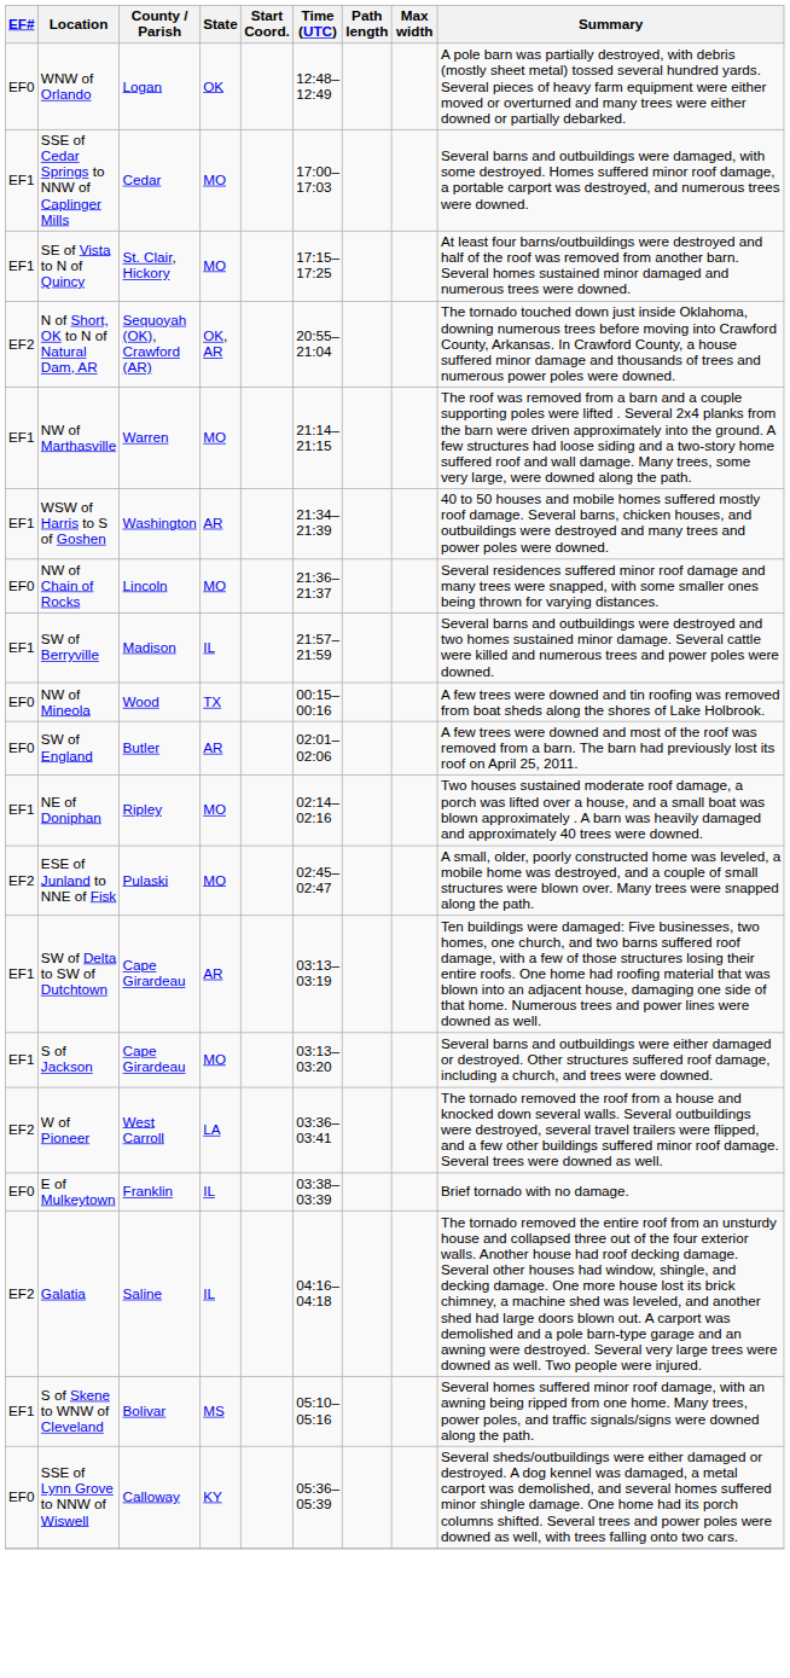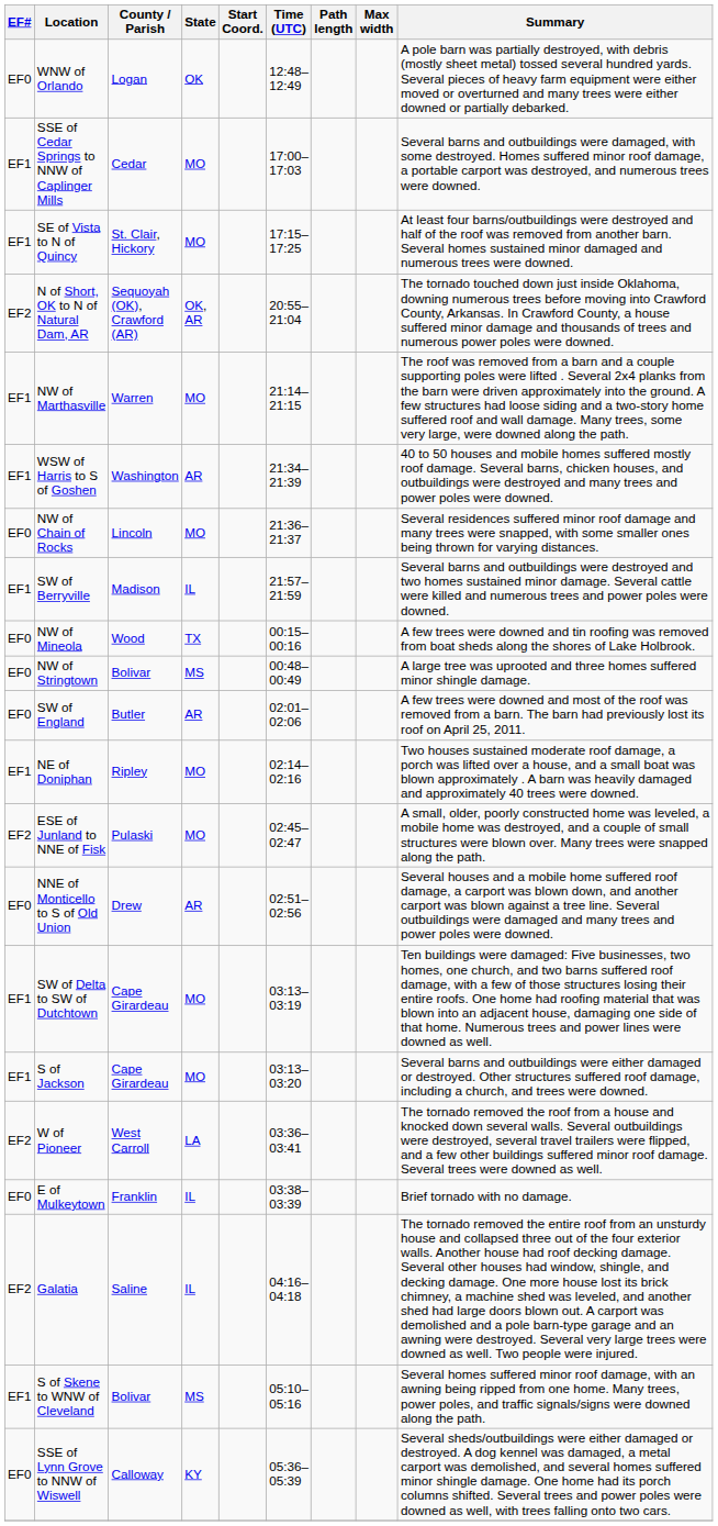 <table class="wikitable sortable" style="width:100%;">
 <tr>
 <th scope="col"  style="width:3%; text-align:center;"><a href='#'>EF#</a></th>
 <th scope="col"  style="width:7%; text-align:center;" class="unsortable">Location</th>
 <th scope="col"  style="width:6%; text-align:center;" class="unsortable">County / Parish</th>
 <th scope="col"  style="width:5%; text-align:center;">State</th>
 <th scope="col"  style="width:6%; text-align:center;">Start Coord.</th>
 <th scope="col"  style="width:6%; text-align:center;">Time (<a href='#'>UTC</a>)</th>
 <th scope="col"  style="width:6%; text-align:center;">Path length</th>
 <th scope="col"  style="width:6%; text-align:center;">Max width</th>
 <th scope="col" class="unsortable" style="width:48%; text-align:center;">Summary</th>
 </tr>
 <tr>
 <td>EF0</td>
 <td>WNW of <a href='#'>Orlando</a></td>
 <td><a href='#'>Logan</a></td>
 <td><a href='#'>OK</a></td>
 <td></td>
 <td>12:48–12:49</td>
 <td></td>
 <td></td>
 <td>A pole barn was partially destroyed, with debris (mostly sheet metal) tossed several hundred yards. Several pieces of heavy farm equipment were either moved or overturned and many trees were either downed or partially debarked.</td>
 </tr>
 <tr>
 <td>EF1</td>
 <td>SSE of <a href='#'>Cedar Springs</a> to NNW of <a href='#'>Caplinger Mills</a></td>
 <td><a href='#'>Cedar</a></td>
 <td><a href='#'>MO</a></td>
 <td></td>
 <td>17:00–17:03</td>
 <td></td>
 <td></td>
 <td>Several barns and outbuildings were damaged, with some destroyed. Homes suffered minor roof damage, a portable carport was destroyed, and numerous trees were downed.</td>
 </tr>
 <tr>
 <td>EF1</td>
 <td>SE of <a href='#'>Vista</a> to N of <a href='#'>Quincy</a></td>
 <td><a href='#'>St. Clair</a>, <a href='#'>Hickory</a></td>
 <td><a href='#'>MO</a></td>
 <td></td>
 <td>17:15–17:25</td>
 <td></td>
 <td></td>
 <td>At least four barns/outbuildings were destroyed and half of the roof was removed from another barn. Several homes sustained minor damaged and numerous trees were downed.</td>
 </tr>
 <tr>
 <td>EF2</td>
 <td>N of <a href='#'>Short, OK</a> to N of <a href='#'>Natural Dam, AR</a></td>
 <td><a href='#'>Sequoyah (OK)</a>, <a href='#'>Crawford (AR)</a></td>
 <td><a href='#'>OK</a>, <a href='#'>AR</a></td>
 <td></td>
 <td>20:55–21:04</td>
 <td></td>
 <td></td>
 <td>The tornado touched down just inside Oklahoma, downing numerous trees before moving into Crawford County, Arkansas. In Crawford County, a house suffered minor damage and thousands of trees and numerous power poles were downed.</td>
 </tr>
 <tr>
 <td>EF1</td>
 <td>NW of <a href='#'>Marthasville</a></td>
 <td><a href='#'>Warren</a></td>
 <td><a href='#'>MO</a></td>
 <td></td>
 <td>21:14–21:15</td>
 <td></td>
 <td></td>
 <td>The roof was removed from a barn and a couple supporting poles were lifted . Several 2x4 planks from the barn were driven approximately  into the ground. A few structures had loose siding and a two-story home suffered roof and wall damage. Many trees, some very large, were downed along the path.</td>
 </tr>
 <tr>
 <td>EF1</td>
 <td>WSW of <a href='#'>Harris</a> to S of <a href='#'>Goshen</a></td>
 <td><a href='#'>Washington</a></td>
 <td><a href='#'>AR</a></td>
 <td></td>
 <td>21:34–21:39</td>
 <td></td>
 <td></td>
 <td>40 to 50 houses and mobile homes suffered mostly roof damage. Several barns, chicken houses, and outbuildings were destroyed and many trees and power poles were downed.</td>
 </tr>
 <tr>
 <td>EF0</td>
 <td>NW of <a href='#'>Chain of Rocks</a></td>
 <td><a href='#'>Lincoln</a></td>
 <td><a href='#'>MO</a></td>
 <td></td>
 <td>21:36–21:37</td>
 <td></td>
 <td></td>
 <td>Several residences suffered minor roof damage and many trees were snapped, with some smaller ones being thrown for varying distances.</td>
 </tr>
 <tr>
 <td>EF1</td>
 <td>SW of <a href='#'>Berryville</a></td>
 <td><a href='#'>Madison</a></td>
 <td><a href='#'>IL</a></td>
 <td></td>
 <td>21:57–21:59</td>
 <td></td>
 <td></td>
 <td>Several barns and outbuildings were destroyed and two homes sustained minor damage. Several cattle were killed and numerous trees and power poles were downed.</td>
 </tr>
 <tr>
 <td>EF0</td>
 <td>NW of <a href='#'>Mineola</a></td>
 <td><a href='#'>Wood</a></td>
 <td><a href='#'>TX</a></td>
 <td></td>
 <td>00:15–00:16</td>
 <td></td>
 <td></td>
 <td>A few trees were downed and tin roofing was removed from boat sheds along the shores of Lake Holbrook.</td>
 </tr>
 <tr>
 <td>EF0</td>
+<td>NW of <a href='#'>Stringtown</a></td>
+<td><a href='#'>Bolivar</a></td>
+<td><a href='#'>MS</a></td>
+<td></td>
+<td>00:48–00:49</td>
+<td></td>
+<td></td>
+<td>A large tree was uprooted and three homes suffered minor shingle damage.</td>
+</tr>
+<tr>
+<td>EF0</td>
 <td>SW of <a href='#'>England</a></td>
 <td><a href='#'>Butler</a></td>
 <td><a href='#'>AR</a></td>
 <td></td>
 <td>02:01–02:06</td>
 <td></td>
 <td></td>
 <td>A few trees were downed and most of the roof was removed from a barn. The barn had previously lost its roof on April 25, 2011.</td>
 </tr>
 <tr>
 <td>EF1</td>
 <td>NE of <a href='#'>Doniphan</a></td>
 <td><a href='#'>Ripley</a></td>
 <td><a href='#'>MO</a></td>
 <td></td>
 <td>02:14–02:16</td>
 <td></td>
 <td></td>
 <td>Two houses sustained moderate roof damage, a porch was lifted over a house, and a small boat was blown approximately . A barn was heavily damaged and approximately 40 trees were downed.</td>
 </tr>
 <tr>
 <td>EF2</td>
 <td>ESE of <a href='#'>Junland</a> to NNE of <a href='#'>Fisk</a></td>
 <td><a href='#'>Pulaski</a></td>
 <td><a href='#'>MO</a></td>
 <td></td>
 <td>02:45–02:47</td>
 <td></td>
 <td></td>
 <td>A small, older, poorly constructed home was leveled, a mobile home was destroyed, and a couple of small structures were blown over. Many trees were snapped along the path.</td>
 </tr>
 <tr>
+<td>EF0</td>
+<td>NNE of <a href='#'>Monticello</a> to S of <a href='#'>Old Union</a></td>
+<td><a href='#'>Drew</a></td>
+<td><a href='#'>AR</a></td>
+<td></td>
+<td>02:51–02:56</td>
+<td></td>
+<td></td>
+<td>Several houses and a mobile home suffered roof damage, a carport was blown down, and another carport was blown against a tree line. Several outbuildings were damaged and many trees and power poles were downed.</td>
+</tr>
+<tr>
 <td>EF1</td>
 <td>SW of <a href='#'>Delta</a> to SW of <a href='#'>Dutchtown</a></td>
 <td><a href='#'>Cape Girardeau</a></td>
-<td><a href='#'>AR</a></td>
+<td><a href='#'>MO</a></td>
 <td></td>
 <td>03:13–03:19</td>
 <td></td>
 <td></td>
 <td>Ten buildings were damaged: Five businesses, two homes, one church, and two barns suffered roof damage, with a few of those structures losing their entire roofs. One home had roofing material that was blown into an adjacent house, damaging one side of that home. Numerous trees and power lines were downed as well.</td>
 </tr>
 <tr>
 <td>EF1</td>
 <td>S of <a href='#'>Jackson</a></td>
 <td><a href='#'>Cape Girardeau</a></td>
 <td><a href='#'>MO</a></td>
 <td></td>
 <td>03:13–03:20</td>
 <td></td>
 <td></td>
 <td>Several barns and outbuildings were either damaged or destroyed. Other structures suffered roof damage, including a church, and trees were downed.</td>
 </tr>
 <tr>
 <td>EF2</td>
 <td>W of <a href='#'>Pioneer</a></td>
 <td><a href='#'>West Carroll</a></td>
 <td><a href='#'>LA</a></td>
 <td></td>
 <td>03:36–03:41</td>
 <td></td>
 <td></td>
 <td>The tornado removed the roof from a house and knocked down several walls. Several outbuildings were destroyed, several travel trailers were flipped, and a few other buildings suffered minor roof damage. Several trees were downed as well.</td>
 </tr>
 <tr>
 <td>EF0</td>
 <td>E of <a href='#'>Mulkeytown</a></td>
 <td><a href='#'>Franklin</a></td>
 <td><a href='#'>IL</a></td>
 <td></td>
 <td>03:38–03:39</td>
 <td></td>
 <td></td>
 <td>Brief tornado with no damage.</td>
 </tr>
 <tr>
 <td>EF2</td>
 <td><a href='#'>Galatia</a></td>
 <td><a href='#'>Saline</a></td>
 <td><a href='#'>IL</a></td>
 <td></td>
 <td>04:16–04:18</td>
 <td></td>
 <td></td>
 <td>The tornado removed the entire roof from an unsturdy house and collapsed three out of the four exterior walls. Another house had roof decking damage. Several other houses had window, shingle, and decking damage. One more house lost its brick chimney, a machine shed was leveled, and another shed had large doors blown out. A carport was demolished and a pole barn-type garage and an awning were destroyed. Several very large trees were downed as well. Two people were injured.</td>
 </tr>
 <tr>
 <td>EF1</td>
 <td>S of <a href='#'>Skene</a> to WNW of <a href='#'>Cleveland</a></td>
 <td><a href='#'>Bolivar</a></td>
 <td><a href='#'>MS</a></td>
 <td></td>
 <td>05:10–05:16</td>
 <td></td>
 <td></td>
 <td>Several homes suffered minor roof damage, with an awning being ripped from one home. Many trees, power poles, and traffic signals/signs were downed along the path.</td>
 </tr>
 <tr>
 <td>EF0</td>
 <td>SSE of <a href='#'>Lynn Grove</a> to NNW of <a href='#'>Wiswell</a></td>
 <td><a href='#'>Calloway</a></td>
 <td><a href='#'>KY</a></td>
 <td></td>
 <td>05:36–05:39</td>
 <td></td>
 <td></td>
 <td>Several sheds/outbuildings were either damaged or destroyed. A dog kennel was damaged, a metal carport was demolished, and several homes suffered minor shingle damage. One home had its porch columns shifted. Several trees and power poles were downed as well, with trees falling onto two cars.</td>
 </tr>
 <tr>
 </tr>
 </table>
